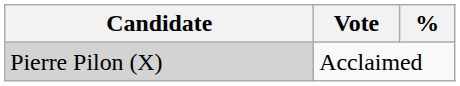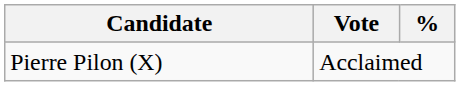 <table class="wikitable">
 <tr>
 <th bgcolor="#DDDDFF" width="200px">Candidate</th>
 <th bgcolor="#DDDDFF" width="50px">Vote</th>
 <th bgcolor="#DDDDFF" width="30px">%</th>
 </tr>
 <tr>
-<td style="background: lightgrey;">Pierre Pilon (X)</td>
+<td>Pierre Pilon (X)</td>
 <td colspan="2">Acclaimed</td>
 </tr>
 </table>
